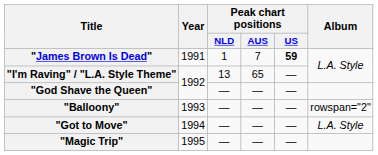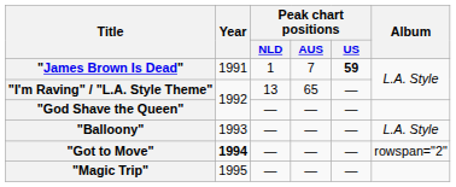 <table class="wikitable plainrowheaders" style="text-align:center;">
 <tr>
 <th scope="col" rowspan="2">Title</th>
 <th scope="col" rowspan="2">Year</th>
 <th scope="col" colspan="3">Peak chart positions</th>
 <th scope="col" rowspan="2">Album</th>
 </tr>
 <tr>
 <th scope="col" style="width:3em;font-size:90%;"><a href='#'>NLD</a><br></th>
 <th scope="col" style="width:3em;font-size:90%;"><a href='#'>AUS</a><br></th>
 <th scope="col" style="width:3em;font-size:90%;"><a href='#'>US</a><br></th>
 </tr>
 <tr>
 <th scope="row">"<a href='#'>James Brown Is Dead</a>"</th>
 <td>1991</td>
 <td>1</td>
 <td>7</td>
 <td><strong>59</strong></td>
 <td rowspan="2"><em>L.A. Style</em></td>
 </tr>
 <tr>
 <th scope="row">"I'm Raving" / "L.A. Style Theme"</th>
 <td rowspan="2">1992</td>
 <td>13</td>
 <td>65</td>
 <td>—</td>
 </tr>
 <tr>
 <th scope="row">"God Shave the Queen"</th>
 <td>—</td>
 <td>—</td>
 <td>—</td>
 <td></td>
 </tr>
 <tr>
 <th scope="row">"Balloony"</th>
 <td>1993</td>
 <td>—</td>
 <td>—</td>
 <td>—</td>
-<td>rowspan="2" </td>
+<td><em>L.A. Style</em></td>
 </tr>
 <tr>
 <th scope="row">"Got to Move"</th>
-<td>1994</td>
+<td><strong>1994</strong></td>
 <td>—</td>
 <td>—</td>
 <td>—</td>
-<td><em>L.A. Style</em></td>
+<td>rowspan="2" </td>
 </tr>
 <tr>
 <th scope="row">"Magic Trip"</th>
 <td>1995</td>
 <td>—</td>
 <td>—</td>
 <td>—</td>
 </tr>
 </table>
